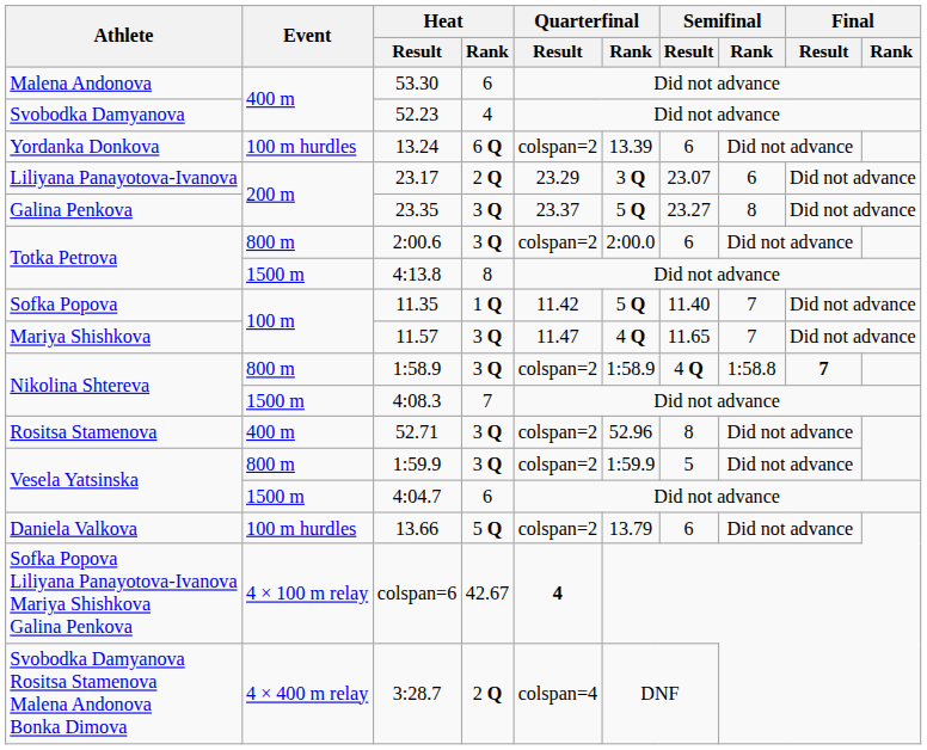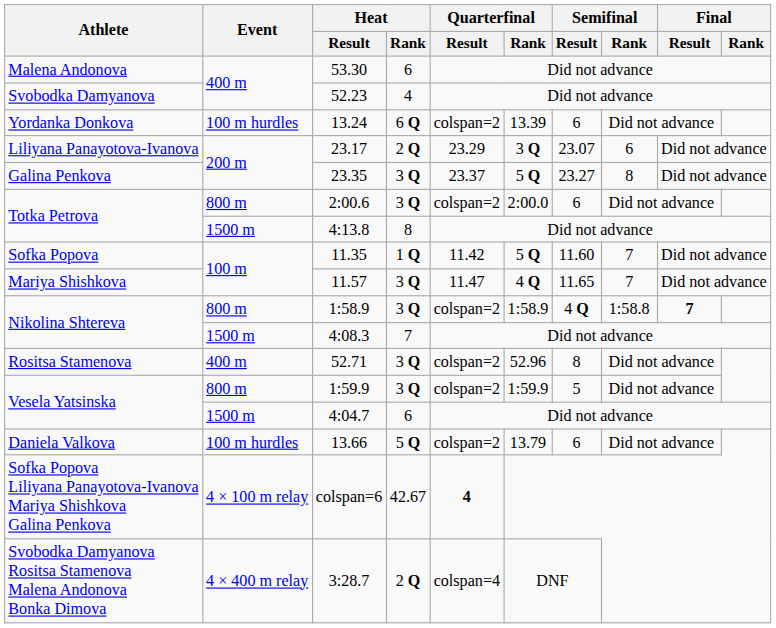 <table class="wikitable" style="font-size:90%">
 <tr>
 <th rowspan="2">Athlete</th>
 <th rowspan="2">Event</th>
 <th colspan="2">Heat</th>
 <th colspan="2">Quarterfinal</th>
 <th colspan="2">Semifinal</th>
 <th colspan="2">Final</th>
 </tr>
 <tr style="font-size:95%">
 <th>Result</th>
 <th>Rank</th>
 <th>Result</th>
 <th>Rank</th>
 <th>Result</th>
 <th>Rank</th>
 <th>Result</th>
 <th>Rank</th>
 </tr>
 <tr align=center>
 <td align=left><a href='#'>Malena Andonova</a></td>
 <td align=left rowspan=2><a href='#'>400 m</a></td>
 <td>53.30</td>
 <td>6</td>
 <td colspan=6>Did not advance</td>
 </tr>
 <tr align=center>
 <td align=left><a href='#'>Svobodka Damyanova</a></td>
 <td>52.23</td>
 <td>4</td>
 <td colspan=6>Did not advance</td>
 </tr>
 <tr align=center>
 <td align=left><a href='#'>Yordanka Donkova</a></td>
 <td align=left><a href='#'>100 m hurdles</a></td>
 <td>13.24</td>
 <td>6 <strong>Q</strong></td>
 <td>colspan=2 </td>
 <td>13.39</td>
 <td>6</td>
 <td colspan=2>Did not advance</td>
 </tr>
 <tr align=center>
 <td align=left><a href='#'>Liliyana Panayotova-Ivanova</a></td>
 <td align=left rowspan=2><a href='#'>200 m</a></td>
 <td>23.17</td>
 <td>2 <strong>Q</strong></td>
 <td>23.29</td>
 <td>3 <strong>Q</strong></td>
 <td>23.07</td>
 <td>6</td>
 <td colspan=2>Did not advance</td>
 </tr>
 <tr align=center>
 <td align=left><a href='#'>Galina Penkova</a></td>
 <td>23.35</td>
 <td>3 <strong>Q</strong></td>
 <td>23.37</td>
 <td>5 <strong>Q</strong></td>
 <td>23.27</td>
 <td>8</td>
 <td colspan=2>Did not advance</td>
 </tr>
 <tr align=center>
 <td style="text-align:left;" rowspan="2"><a href='#'>Totka Petrova</a></td>
 <td align=left><a href='#'>800 m</a></td>
 <td>2:00.6</td>
 <td>3 <strong>Q</strong></td>
 <td>colspan=2 </td>
 <td>2:00.0</td>
 <td>6</td>
 <td colspan=2>Did not advance</td>
 </tr>
 <tr align=center>
 <td align=left><a href='#'>1500 m</a></td>
 <td>4:13.8</td>
 <td>8</td>
 <td colspan=6>Did not advance</td>
 </tr>
 <tr align=center>
 <td align=left><a href='#'>Sofka Popova</a></td>
 <td align=left rowspan=2><a href='#'>100 m</a></td>
 <td>11.35</td>
 <td>1 <strong>Q</strong></td>
 <td>11.42</td>
 <td>5 <strong>Q</strong></td>
-<td>11.40</td>
+<td>11.60</td>
 <td>7</td>
 <td colspan=2>Did not advance</td>
 </tr>
 <tr align=center>
 <td align=left><a href='#'>Mariya Shishkova</a></td>
 <td>11.57</td>
 <td>3 <strong>Q</strong></td>
 <td>11.47</td>
 <td>4 <strong>Q</strong></td>
 <td>11.65</td>
 <td>7</td>
 <td colspan=2>Did not advance</td>
 </tr>
 <tr align=center>
 <td style="text-align:left;" rowspan="2"><a href='#'>Nikolina Shtereva</a></td>
 <td align=left><a href='#'>800 m</a></td>
 <td>1:58.9</td>
 <td>3 <strong>Q</strong></td>
 <td>colspan=2 </td>
 <td>1:58.9</td>
 <td>4 <strong>Q</strong></td>
 <td>1:58.8</td>
 <td><strong>7</strong></td>
 </tr>
 <tr align=center>
 <td align=left><a href='#'>1500 m</a></td>
 <td>4:08.3</td>
 <td>7</td>
 <td colspan=6>Did not advance</td>
 </tr>
 <tr align=center>
 <td align=left><a href='#'>Rositsa Stamenova</a></td>
 <td align=left><a href='#'>400 m</a></td>
 <td>52.71</td>
 <td>3 <strong>Q</strong></td>
 <td>colspan=2 </td>
 <td>52.96</td>
 <td>8</td>
 <td colspan=2>Did not advance</td>
 </tr>
 <tr align=center>
 <td style="text-align:left;" rowspan="2"><a href='#'>Vesela Yatsinska</a></td>
 <td align=left><a href='#'>800 m</a></td>
 <td>1:59.9</td>
 <td>3 <strong>Q</strong></td>
 <td>colspan=2 </td>
 <td>1:59.9</td>
 <td>5</td>
 <td colspan=2>Did not advance</td>
 </tr>
 <tr align=center>
 <td align=left><a href='#'>1500 m</a></td>
 <td>4:04.7</td>
 <td>6</td>
 <td colspan=6>Did not advance</td>
 </tr>
 <tr align=center>
 <td align=left><a href='#'>Daniela Valkova</a></td>
 <td align=left><a href='#'>100 m hurdles</a></td>
 <td>13.66</td>
 <td>5 <strong>Q</strong></td>
 <td>colspan=2 </td>
 <td>13.79</td>
 <td>6</td>
 <td colspan=2>Did not advance</td>
 </tr>
 <tr align=center>
 <td align=left><a href='#'>Sofka Popova</a><br><a href='#'>Liliyana Panayotova-Ivanova</a><br> <a href='#'>Mariya Shishkova</a><br><a href='#'>Galina Penkova</a></td>
 <td align=left><a href='#'>4 × 100 m relay</a></td>
 <td>colspan=6 </td>
 <td>42.67</td>
 <td><strong>4</strong></td>
 </tr>
 <tr align=center>
 <td align=left><a href='#'>Svobodka Damyanova</a><br><a href='#'>Rositsa Stamenova</a><br> <a href='#'>Malena Andonova</a><br><a href='#'>Bonka Dimova</a></td>
 <td align=left><a href='#'>4 × 400 m relay</a></td>
 <td>3:28.7</td>
 <td>2 <strong>Q</strong></td>
 <td>colspan=4 </td>
 <td colspan=2>DNF</td>
 </tr>
 </table>
